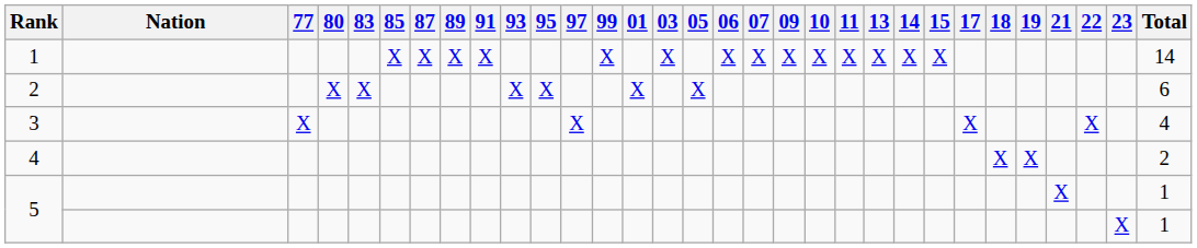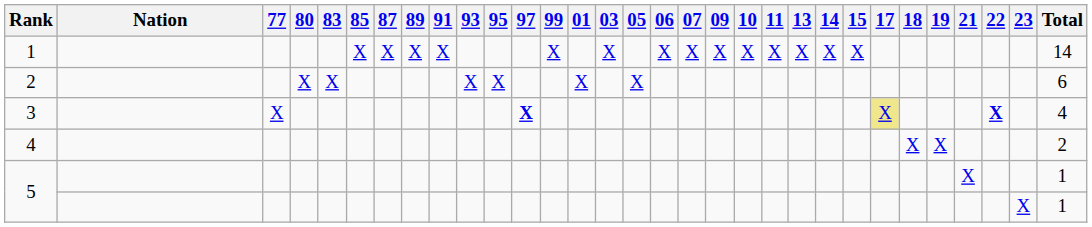 <table class=wikitable style="font-size:90%; text-align:center">
 <tr>
 <th>Rank</th>
 <th width=150>Nation</th>
 <th><a href='#'>77</a></th>
 <th><a href='#'>80</a></th>
 <th><a href='#'>83</a></th>
 <th><a href='#'>85</a></th>
 <th><a href='#'>87</a></th>
 <th><a href='#'>89</a></th>
 <th><a href='#'>91</a></th>
 <th><a href='#'>93</a></th>
 <th><a href='#'>95</a></th>
 <th><a href='#'>97</a></th>
 <th><a href='#'>99</a></th>
 <th><a href='#'>01</a></th>
 <th><a href='#'>03</a></th>
 <th><a href='#'>05</a></th>
 <th><a href='#'>06</a></th>
 <th><a href='#'>07</a></th>
 <th><a href='#'>09</a></th>
 <th><a href='#'>10</a></th>
 <th><a href='#'>11</a></th>
 <th><a href='#'>13</a></th>
 <th><a href='#'>14</a></th>
 <th><a href='#'>15</a></th>
 <th><a href='#'>17</a></th>
 <th><a href='#'>18</a></th>
 <th><a href='#'>19</a></th>
 <th><a href='#'>21</a></th>
 <th><a href='#'>22</a></th>
 <th><a href='#'>23</a></th>
 <th>Total</th>
 </tr>
 <tr>
 <td>1</td>
 <td align=left></td>
 <td></td>
 <td></td>
 <td></td>
 <td><a href='#'>X</a></td>
 <td><a href='#'>X</a></td>
 <td><a href='#'>X</a></td>
 <td><a href='#'>X</a></td>
 <td></td>
 <td></td>
 <td></td>
 <td><a href='#'>X</a></td>
 <td></td>
 <td><a href='#'>X</a></td>
 <td></td>
 <td><a href='#'>X</a></td>
 <td><a href='#'>X</a></td>
 <td><a href='#'>X</a></td>
 <td><a href='#'>X</a></td>
 <td><a href='#'>X</a></td>
 <td><a href='#'>X</a></td>
 <td><a href='#'>X</a></td>
 <td><a href='#'>X</a></td>
 <td></td>
 <td></td>
 <td></td>
 <td></td>
 <td></td>
 <td></td>
 <td>14</td>
 </tr>
 <tr>
 <td>2</td>
 <td align=left></td>
 <td></td>
 <td><a href='#'>X</a></td>
 <td><a href='#'>X</a></td>
 <td></td>
 <td></td>
 <td></td>
 <td></td>
 <td><a href='#'>X</a></td>
 <td><a href='#'>X</a></td>
 <td></td>
 <td></td>
 <td><a href='#'>X</a></td>
 <td></td>
 <td><a href='#'>X</a></td>
 <td></td>
 <td></td>
 <td></td>
 <td></td>
 <td></td>
 <td></td>
 <td></td>
 <td></td>
 <td></td>
 <td></td>
 <td></td>
 <td></td>
 <td></td>
 <td></td>
 <td>6</td>
 </tr>
 <tr>
 <td>3</td>
 <td align=left></td>
 <td><a href='#'>X</a></td>
 <td></td>
 <td></td>
 <td></td>
 <td></td>
 <td></td>
 <td></td>
 <td></td>
 <td></td>
-<td><a href='#'>X</a></td>
+<td><strong><a href='#'>X</a></strong></td>
 <td></td>
 <td></td>
 <td></td>
 <td></td>
 <td></td>
 <td></td>
 <td></td>
 <td></td>
 <td></td>
 <td></td>
 <td></td>
 <td></td>
-<td><a href='#'>X</a></td>
+<td style="background: khaki;"><a href='#'>X</a></td>
 <td></td>
 <td></td>
 <td></td>
-<td><a href='#'>X</a></td>
+<td><strong><a href='#'>X</a></strong></td>
 <td></td>
 <td>4</td>
 </tr>
 <tr>
 <td>4</td>
 <td align=left></td>
 <td></td>
 <td></td>
 <td></td>
 <td></td>
 <td></td>
 <td></td>
 <td></td>
 <td></td>
 <td></td>
 <td></td>
 <td></td>
 <td></td>
 <td></td>
 <td></td>
 <td></td>
 <td></td>
 <td></td>
 <td></td>
 <td></td>
 <td></td>
 <td></td>
 <td></td>
 <td></td>
 <td><a href='#'>X</a></td>
 <td><a href='#'>X</a></td>
 <td></td>
 <td></td>
 <td></td>
 <td>2</td>
 </tr>
 <tr>
 <td rowspan=2>5</td>
 <td align=left></td>
 <td></td>
 <td></td>
 <td></td>
 <td></td>
 <td></td>
 <td></td>
 <td></td>
 <td></td>
 <td></td>
 <td></td>
 <td></td>
 <td></td>
 <td></td>
 <td></td>
 <td></td>
 <td></td>
 <td></td>
 <td></td>
 <td></td>
 <td></td>
 <td></td>
 <td></td>
 <td></td>
 <td></td>
 <td></td>
 <td><a href='#'>X</a></td>
 <td></td>
 <td></td>
 <td>1</td>
 </tr>
 <tr>
 <td align=left></td>
 <td></td>
 <td></td>
 <td></td>
 <td></td>
 <td></td>
 <td></td>
 <td></td>
 <td></td>
 <td></td>
 <td></td>
 <td></td>
 <td></td>
 <td></td>
 <td></td>
 <td></td>
 <td></td>
 <td></td>
 <td></td>
 <td></td>
 <td></td>
 <td></td>
 <td></td>
 <td></td>
 <td></td>
 <td></td>
 <td></td>
 <td></td>
 <td><a href='#'>X</a></td>
 <td>1</td>
 </tr>
 </table>
